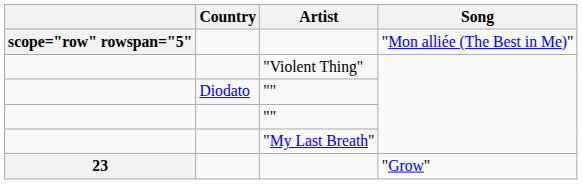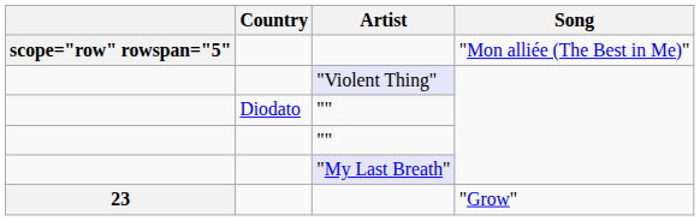 <table class="sortable wikitable plainrowheaders">
 <tr>
 <th scope="col"></th>
 <th scope="col">Country</th>
 <th scope="col">Artist</th>
 <th scope="col">Song</th>
 </tr>
 <tr>
 <th>scope="row" rowspan="5" </th>
 <td></td>
 <td></td>
 <td>"<a href='#'>Mon alliée (The Best in Me)</a>"</td>
 </tr>
 <tr>
 <td></td>
 <td></td>
-<td>"Violent Thing"</td>
+<td style="background: lavender;">"Violent Thing"</td>
 </tr>
 <tr>
 <td></td>
 <td><a href='#'>Diodato</a></td>
 <td>""</td>
 </tr>
 <tr>
 <td></td>
 <td></td>
 <td>""</td>
 </tr>
 <tr>
 <td></td>
 <td></td>
-<td>"<a href='#'>My Last Breath</a>"</td>
+<td style="background: lavender;">"<a href='#'>My Last Breath</a>"</td>
 </tr>
 <tr>
 <th scope="row" style="text-align:center;">23</th>
 <td></td>
 <td></td>
 <td>"<a href='#'>Grow</a>"</td>
 </tr>
 </table>
